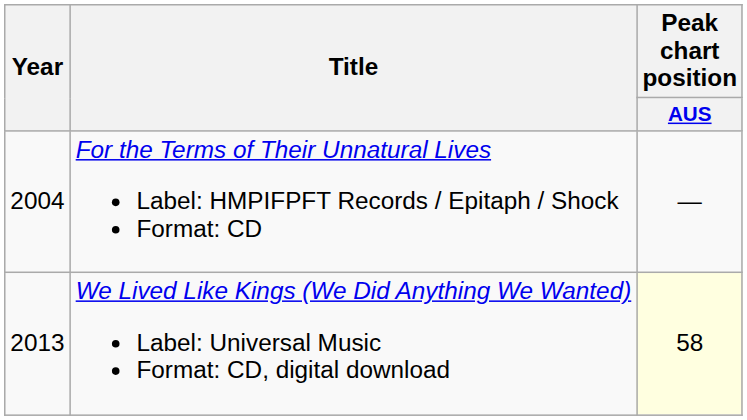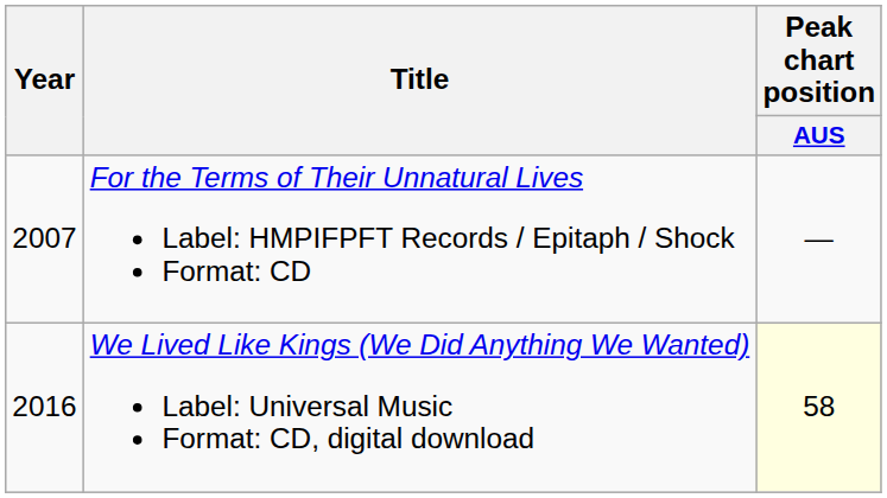 <table class="wikitable">
 <tr>
 <th rowspan="2">Year</th>
 <th rowspan="2">Title</th>
 <th>Peak chart position</th>
 </tr>
 <tr>
 <th style="width:3em;font-size:85%"><a href='#'>AUS</a><br></th>
 </tr>
 <tr>
-<td>2004</td>
+<td>2007</td>
 <td><em><a href='#'>For the Terms of Their Unnatural Lives</a></em><br><ul><li>Label: HMPIFPFT Records / Epitaph / Shock</li><li>Format: CD</li></ul></td>
 <td style="text-align:center;">—</td>
 </tr>
 <tr>
-<td>2013</td>
+<td>2016</td>
 <td><em><a href='#'>We Lived Like Kings (We Did Anything We Wanted)</a></em><br><ul><li>Label: Universal Music</li><li>Format: CD, digital download</li></ul></td>
 <td style="background: lightyellow; text-align:center;">58<br></td>
 </tr>
 </table>
